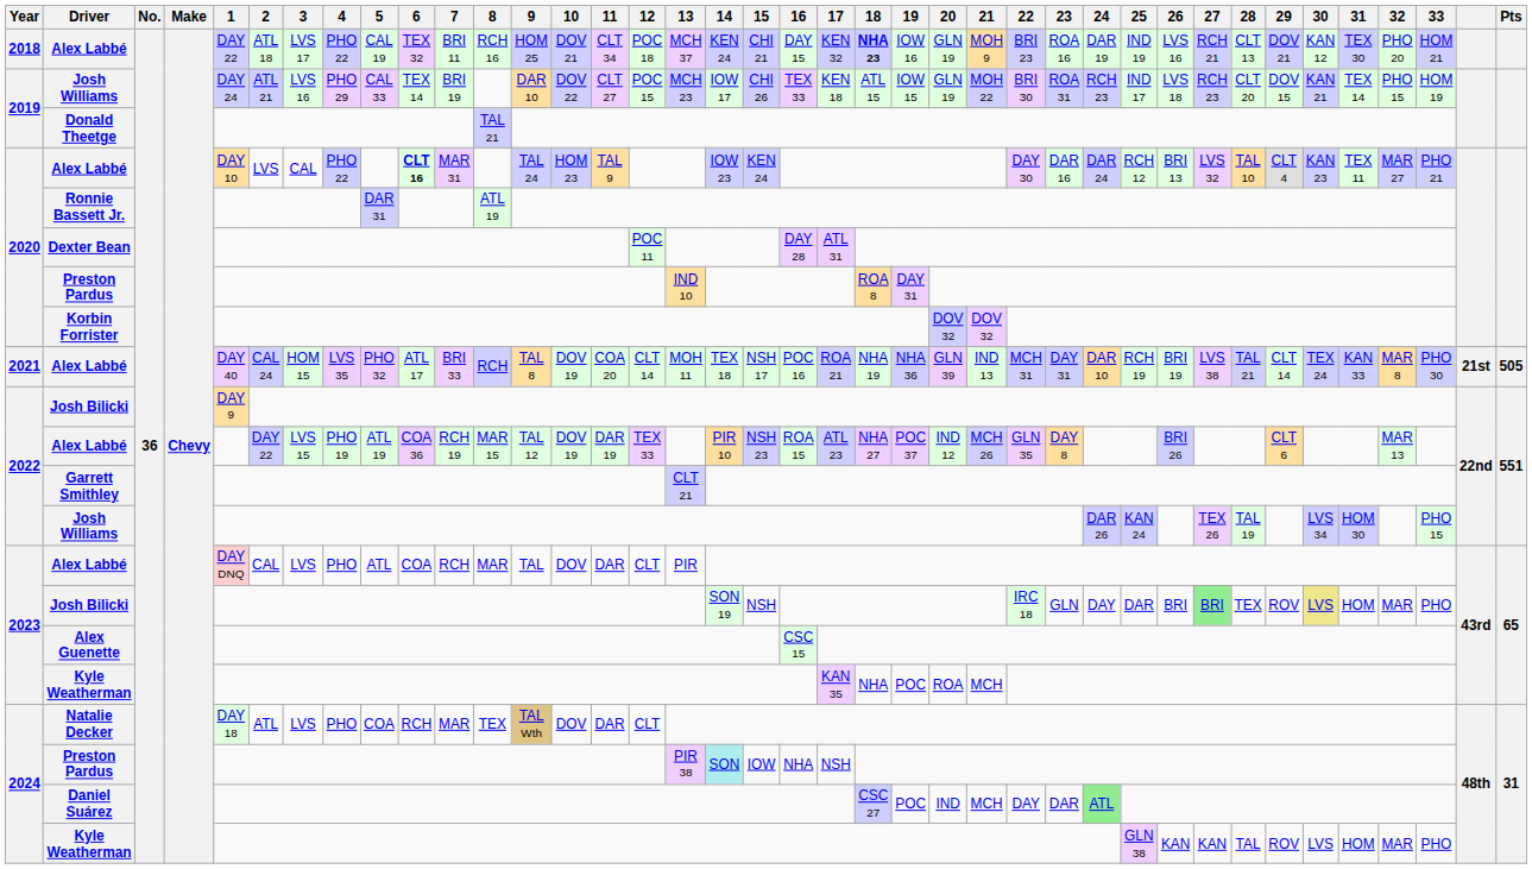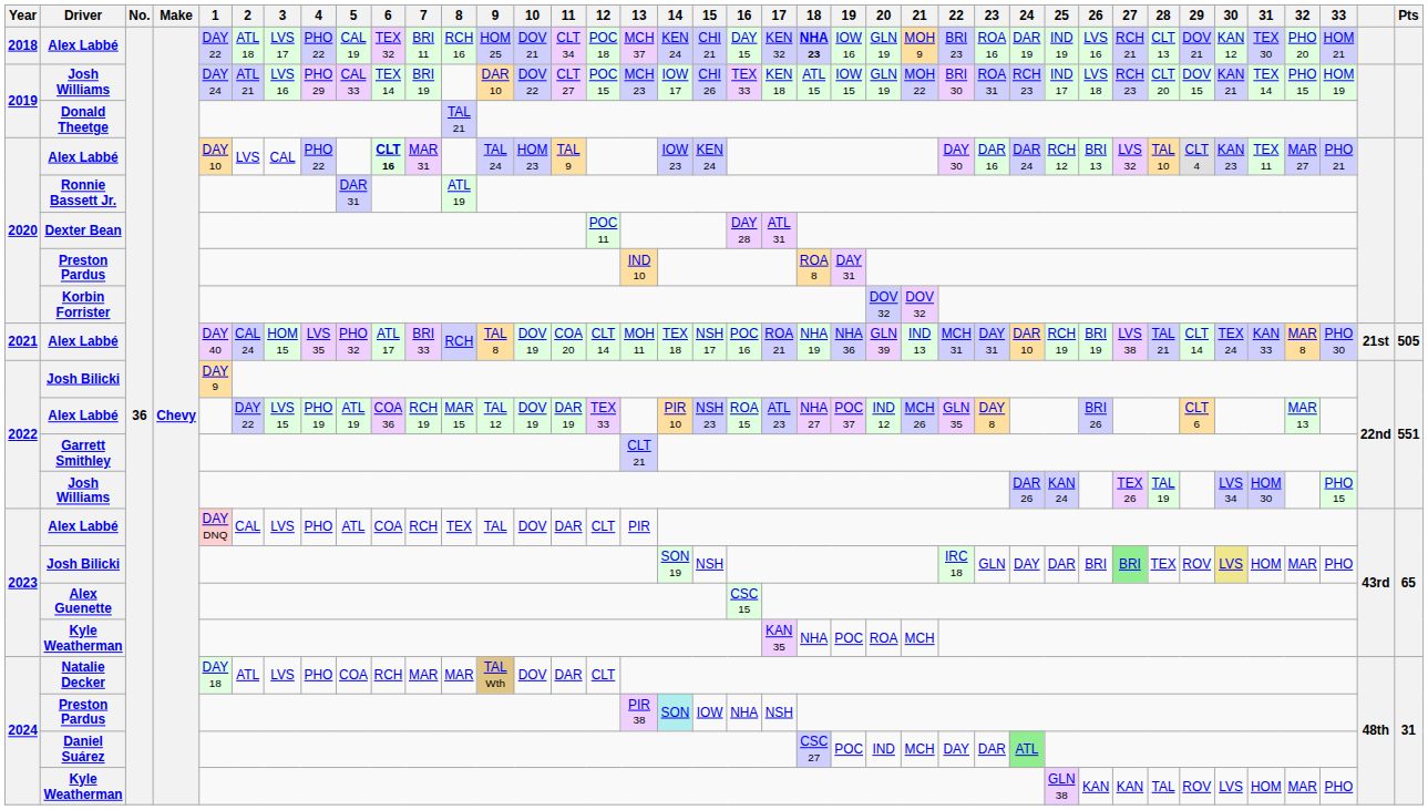 <table class="wikitable" style="text-align:center; font-size:75%">
 <tr>
 <th>Year</th>
 <th>Driver</th>
 <th>No.</th>
 <th>Make</th>
 <th>1</th>
 <th>2</th>
 <th>3</th>
 <th>4</th>
 <th>5</th>
 <th>6</th>
 <th>7</th>
 <th>8</th>
 <th>9</th>
 <th>10</th>
 <th>11</th>
 <th>12</th>
 <th>13</th>
 <th>14</th>
 <th>15</th>
 <th>16</th>
 <th>17</th>
 <th>18</th>
 <th>19</th>
 <th>20</th>
 <th>21</th>
 <th>22</th>
 <th>23</th>
 <th>24</th>
 <th>25</th>
 <th>26</th>
 <th>27</th>
 <th>28</th>
 <th>29</th>
 <th>30</th>
 <th>31</th>
 <th>32</th>
 <th>33</th>
 <th></th>
 <th>Pts</th>
 </tr>
 <tr>
 <th><a href='#'>2018</a></th>
 <th><a href='#'>Alex Labbé</a></th>
 <th rowspan="21">36</th>
 <th rowspan="21"><a href='#'>Chevy</a></th>
 <td style="background:#CFCFFF;"><a href='#'>DAY</a><br><small>22</small></td>
 <td style="background:#DFFFDF;"><a href='#'>ATL</a><br><small>18</small></td>
 <td style="background:#DFFFDF;"><a href='#'>LVS</a><br><small>17</small></td>
 <td style="background:#CFCFFF;"><a href='#'>PHO</a><br><small>22</small></td>
 <td style="background:#DFFFDF;"><a href='#'>CAL</a><br><small>19</small></td>
 <td style="background:#EFCFFF;"><a href='#'>TEX</a><br><small>32</small></td>
 <td style="background:#DFFFDF;"><a href='#'>BRI</a><br><small>11</small></td>
 <td style="background:#DFFFDF;"><a href='#'>RCH</a><br><small>16</small></td>
 <td style="background:#CFCFFF;"><a href='#'>HOM</a><br><small>25</small></td>
 <td style="background:#CFCFFF;"><a href='#'>DOV</a><br><small>21</small></td>
 <td style="background:#EFCFFF;"><a href='#'>CLT</a><br><small>34</small></td>
 <td style="background:#DFFFDF;"><a href='#'>POC</a><br><small>18</small></td>
 <td style="background:#EFCFFF;"><a href='#'>MCH</a><br><small>37</small></td>
 <td style="background:#CFCFFF;"><a href='#'>KEN</a><br><small>24</small></td>
 <td style="background:#CFCFFF;"><a href='#'>CHI</a><br><small>21</small></td>
 <td style="background:#DFFFDF;"><a href='#'>DAY</a><br><small>15</small></td>
 <td style="background:#CFCFFF;"><a href='#'>KEN</a><br><small>32</small></td>
 <td style="background:#CFCFFF;"><strong><a href='#'>NHA</a><br><small>23</small></strong></td>
 <td style="background:#DFFFDF;"><a href='#'>IOW</a><br><small>16</small></td>
 <td style="background:#DFFFDF;"><a href='#'>GLN</a><br><small>19</small></td>
 <td style="background:#FFDF9F;"><a href='#'>MOH</a><br><small>9</small></td>
 <td style="background:#CFCFFF;"><a href='#'>BRI</a><br><small>23</small></td>
 <td style="background:#DFFFDF;"><a href='#'>ROA</a><br><small>16</small></td>
 <td style="background:#DFFFDF;"><a href='#'>DAR</a><br><small>19</small></td>
 <td style="background:#DFFFDF;"><a href='#'>IND</a><br><small>19</small></td>
 <td style="background:#DFFFDF;"><a href='#'>LVS</a><br><small>16</small></td>
 <td style="background:#CFCFFF;"><a href='#'>RCH</a><br><small>21</small></td>
 <td style="background:#DFFFDF;"><a href='#'>CLT</a><br><small>13</small></td>
 <td style="background:#CFCFFF;"><a href='#'>DOV</a><br><small>21</small></td>
 <td style="background:#DFFFDF;"><a href='#'>KAN</a><br><small>12</small></td>
 <td style="background:#CFCFFF;"><a href='#'>TEX</a><br><small>30</small></td>
 <td style="background:#DFFFDF;"><a href='#'>PHO</a><br><small>20</small></td>
 <td style="background:#CFCFFF;"><a href='#'>HOM</a><br><small>21</small></td>
 <th></th>
 <th></th>
 </tr>
 <tr>
 <th rowspan=2><a href='#'>2019</a></th>
 <th><a href='#'>Josh Williams</a></th>
 <td style="background:#CFCFFF;"><a href='#'>DAY</a><br><small>24</small></td>
 <td style="background:#CFCFFF;"><a href='#'>ATL</a><br><small>21</small></td>
 <td style="background:#DFFFDF;"><a href='#'>LVS</a><br><small>16</small></td>
 <td style="background:#EFCFFF;"><a href='#'>PHO</a><br><small>29</small></td>
 <td style="background:#EFCFFF;"><a href='#'>CAL</a><br><small>33</small></td>
 <td style="background:#DFFFDF;"><a href='#'>TEX</a><br><small>14</small></td>
 <td style="background:#DFFFDF;"><a href='#'>BRI</a><br><small>19</small></td>
 <td></td>
 <td style="background:#FFDF9F;"><a href='#'>DAR</a><br><small>10</small></td>
 <td style="background:#CFCFFF;"><a href='#'>DOV</a><br><small>22</small></td>
 <td style="background:#EFCFFF;"><a href='#'>CLT</a><br><small>27</small></td>
 <td style="background:#DFFFDF;"><a href='#'>POC</a><br><small>15</small></td>
 <td style="background:#CFCFFF;"><a href='#'>MCH</a><br><small>23</small></td>
 <td style="background:#DFFFDF;"><a href='#'>IOW</a><br><small>17</small></td>
 <td style="background:#CFCFFF;"><a href='#'>CHI</a><br><small>26</small></td>
 <td style="background:#EFCFFF;"><a href='#'>TEX</a><br><small>33</small></td>
 <td style="background:#DFFFDF;"><a href='#'>KEN</a><br><small>18</small></td>
 <td style="background:#DFFFDF;"><a href='#'>ATL</a><br><small>15</small></td>
 <td style="background:#DFFFDF;"><a href='#'>IOW</a><br><small>15</small></td>
 <td style="background:#DFFFDF;"><a href='#'>GLN</a><br><small>19</small></td>
 <td style="background:#CFCFFF;"><a href='#'>MOH</a><br><small>22</small></td>
 <td style="background:#EFCFFF;"><a href='#'>BRI</a><br><small>30</small></td>
 <td style="background:#CFCFFF;"><a href='#'>ROA</a><br><small>31</small></td>
 <td style="background:#CFCFFF;"><a href='#'>RCH</a><br><small>23</small></td>
 <td style="background:#DFFFDF;"><a href='#'>IND</a><br><small>17</small></td>
 <td style="background:#DFFFDF;"><a href='#'>LVS</a><br><small>18</small></td>
 <td style="background:#CFCFFF;"><a href='#'>RCH</a><br><small>23</small></td>
 <td style="background:#DFFFDF;"><a href='#'>CLT</a><br><small>20</small></td>
 <td style="background:#DFFFDF;"><a href='#'>DOV</a><br><small>15</small></td>
 <td style="background:#CFCFFF;"><a href='#'>KAN</a><br><small>21</small></td>
 <td style="background:#DFFFDF;"><a href='#'>TEX</a><br><small>14</small></td>
 <td style="background:#DFFFDF;"><a href='#'>PHO</a><br><small>15</small></td>
 <td style="background:#DFFFDF;"><a href='#'>HOM</a><br><small>19</small></td>
 <th rowspan=2></th>
 <th rowspan=2></th>
 </tr>
 <tr>
 <th><a href='#'>Donald Theetge</a></th>
 <td colspan=7></td>
 <td style="background:#CFCFFF;"><a href='#'>TAL</a><br><small>21</small></td>
 <td colspan=25></td>
 </tr>
 <tr>
 <th rowspan=5><a href='#'>2020</a></th>
 <th><a href='#'>Alex Labbé</a></th>
 <td style="background:#FFDF9F;"><a href='#'>DAY</a><br><small>10</small></td>
 <td><a href='#'>LVS</a></td>
 <td><a href='#'>CAL</a></td>
 <td style="background:#CFCFFF;"><a href='#'>PHO</a><br><small>22</small></td>
 <td></td>
 <td style="background:#DFFFDF;"><strong><a href='#'>CLT</a><br><small>16</small></strong></td>
 <td style="background:#EFCFFF;"><a href='#'>MAR</a><br><small>31</small></td>
 <td></td>
 <td style="background:#CFCFFF;"><a href='#'>TAL</a><br><small>24</small></td>
 <td style="background:#CFCFFF;"><a href='#'>HOM</a><br><small>23</small></td>
 <td style="background:#FFDF9F;"><a href='#'>TAL</a><br><small>9</small></td>
 <td colspan=2></td>
 <td style="background:#CFCFFF;"><a href='#'>IOW</a><br><small>23</small></td>
 <td style="background:#CFCFFF;"><a href='#'>KEN</a><br><small>24</small></td>
 <td colspan=6></td>
 <td style="background:#EFCFFF;"><a href='#'>DAY</a><br><small>30</small></td>
 <td style="background:#DFFFDF;"><a href='#'>DAR</a><br><small>16</small></td>
 <td style="background:#CFCFFF;"><a href='#'>DAR</a><br><small>24</small></td>
 <td style="background:#DFFFDF;"><a href='#'>RCH</a><br><small>12</small></td>
 <td style="background:#DFFFDF;"><a href='#'>BRI</a><br><small>13</small></td>
 <td style="background:#EFCFFF;"><a href='#'>LVS</a><br><small>32</small></td>
 <td style="background:#FFDF9F;"><a href='#'>TAL</a><br><small>10</small></td>
 <td style="background:#DFDFDF;"><a href='#'>CLT</a><br><small>4</small></td>
 <td style="background:#CFCFFF;"><a href='#'>KAN</a><br><small>23</small></td>
 <td style="background:#DFFFDF;"><a href='#'>TEX</a><br><small>11</small></td>
 <td style="background:#CFCFFF;"><a href='#'>MAR</a><br><small>27</small></td>
 <td style="background:#CFCFFF;"><a href='#'>PHO</a><br><small>21</small></td>
 <th rowspan=5></th>
 <th rowspan=5></th>
 </tr>
 <tr>
 <th><a href='#'>Ronnie Bassett Jr.</a></th>
 <td colspan=4></td>
 <td style="background:#CFCFFF;"><a href='#'>DAR</a><br><small>31</small></td>
 <td colspan=2></td>
 <td style="background:#DFFFDF;"><a href='#'>ATL</a><br><small>19</small></td>
 <td colspan=25></td>
 </tr>
 <tr>
 <th><a href='#'>Dexter Bean</a></th>
 <td colspan=11></td>
 <td style="background:#DFFFDF;"><a href='#'>POC</a><br><small>11</small></td>
 <td colspan=3></td>
 <td style="background:#EFCFFF;"><a href='#'>DAY</a><br><small>28</small></td>
 <td style="background:#EFCFFF;"><a href='#'>ATL</a><br><small>31</small></td>
 <td colspan=16></td>
 </tr>
 <tr>
 <th><a href='#'>Preston Pardus</a></th>
 <td colspan=12></td>
 <td style="background:#FFDF9F;"><a href='#'>IND</a><br><small>10</small></td>
 <td colspan=4></td>
 <td style="background:#FFDF9F;"><a href='#'>ROA</a><br><small>8</small></td>
 <td style="background:#EFCFFF;"><a href='#'>DAY</a><br><small>31</small></td>
 <td colspan=14></td>
 </tr>
 <tr>
 <th><a href='#'>Korbin Forrister</a></th>
 <td colspan=19></td>
 <td style="background:#CFCFFF;"><a href='#'>DOV</a><br><small>32</small></td>
 <td style="background:#EFCFFF;"><a href='#'>DOV</a><br><small>32</small></td>
 <td colspan=12></td>
 </tr>
 <tr>
 <th><a href='#'>2021</a></th>
 <th><a href='#'>Alex Labbé</a></th>
 <td style="background:#EFCFFF;"><a href='#'>DAY</a><br><small>40</small></td>
 <td style="background:#CFCFFF;"><a href='#'>CAL</a><br><small>24</small></td>
 <td style="background:#DFFFDF;"><a href='#'>HOM</a><br><small>15</small></td>
 <td style="background:#EFCFFF;"><a href='#'>LVS</a><br><small>35</small></td>
 <td style="background:#EFCFFF;"><a href='#'>PHO</a><br><small>32</small></td>
 <td style="background:#DFFFDF;"><a href='#'>ATL</a><br><small>17</small></td>
 <td style="background:#EFCFFF;"><a href='#'>BRI</a><br><small>33</small></td>
 <td style="background:#CFCFFF;"><a href='#'>RCH</a><br></td>
 <td style="background:#FFDF9F;"><a href='#'>TAL</a><br><small>8</small></td>
 <td style="background:#DFFFDF;"><a href='#'>DOV</a><br><small>19</small></td>
 <td style="background:#DFFFDF;"><a href='#'>COA</a><br><small>20</small></td>
 <td style="background:#DFFFDF;"><a href='#'>CLT</a><br><small>14</small></td>
 <td style="background:#DFFFDF;"><a href='#'>MOH</a><br><small>11</small></td>
 <td style="background:#DFFFDF;"><a href='#'>TEX</a><br><small>18</small></td>
 <td style="background:#DFFFDF;"><a href='#'>NSH</a><br><small>17</small></td>
 <td style="background:#DFFFDF;"><a href='#'>POC</a><br><small>16</small></td>
 <td style="background:#CFCFFF;"><a href='#'>ROA</a><br><small>21</small></td>
 <td style="background:#DFFFDF;"><a href='#'>NHA</a><br><small>19</small></td>
 <td style="background:#CFCFFF;"><a href='#'>NHA</a><br><small>36</small></td>
 <td style="background:#EFCFFF;"><a href='#'>GLN</a><br><small>39</small></td>
 <td style="background:#DFFFDF;"><a href='#'>IND</a><br><small>13</small></td>
 <td style="background:#CFCFFF;"><a href='#'>MCH</a><br><small>31</small></td>
 <td style="background:#CFCFFF;"><a href='#'>DAY</a><br><small>31</small></td>
 <td style="background:#FFDF9F;"><a href='#'>DAR</a><br><small>10</small></td>
 <td style="background:#DFFFDF;"><a href='#'>RCH</a><br><small>19</small></td>
 <td style="background:#DFFFDF;"><a href='#'>BRI</a><br><small>19</small></td>
 <td style="background:#EFCFFF;"><a href='#'>LVS</a><br><small>38</small></td>
 <td style="background:#CFCFFF;"><a href='#'>TAL</a><br><small>21</small></td>
 <td style="background:#DFFFDF;"><a href='#'>CLT</a><br><small>14</small></td>
 <td style="background:#CFCFFF;"><a href='#'>TEX</a><br><small>24</small></td>
 <td style="background:#CFCFFF;"><a href='#'>KAN</a><br><small>33</small></td>
 <td style="background:#FFDF9F;'"><a href='#'>MAR</a><br><small>8</small></td>
 <td style="background:#CFCFFF;"><a href='#'>PHO</a><br><small>30</small></td>
 <th>21st</th>
 <th>505</th>
 </tr>
 <tr>
 <th rowspan="4"><a href='#'>2022</a></th>
 <th><a href='#'>Josh Bilicki</a></th>
 <td style="background:#FFDF9F;"><a href='#'>DAY</a><br><small>9</small></td>
 <td colspan=32></td>
 <th rowspan="4">22nd</th>
 <th rowspan="4">551</th>
 </tr>
 <tr>
 <th><a href='#'>Alex Labbé</a></th>
 <td></td>
 <td style="background:#CFCFFF;"><a href='#'>DAY</a><br><small>22</small></td>
 <td style="background:#DFFFDF;"><a href='#'>LVS</a><br><small>15</small></td>
 <td style="background:#DFFFDF;"><a href='#'>PHO</a><br><small>19</small></td>
 <td style="background:#DFFFDF;"><a href='#'>ATL</a><br><small>19</small></td>
 <td style="background:#EFCFFF;"><a href='#'>COA</a><br><small>36</small></td>
 <td style="background:#DFFFDF;"><a href='#'>RCH</a><br><small>19</small></td>
 <td style="background:#DFFFDF;"><a href='#'>MAR</a><br><small>15</small></td>
 <td style="background:#DFFFDF;"><a href='#'>TAL</a><br><small>12</small></td>
 <td style="background:#DFFFDF;"><a href='#'>DOV</a><br><small>19</small></td>
 <td style="background:#DFFFDF;"><a href='#'>DAR</a><br><small>19</small></td>
 <td style="background:#EFCFFF;"><a href='#'>TEX</a><br><small>33</small></td>
 <td></td>
 <td style="background:#FFDF9F;"><a href='#'>PIR</a><br><small>10</small></td>
 <td style="background:#CFCFFF;"><a href='#'>NSH</a><br><small>23</small></td>
 <td style="background:#DFFFDF;"><a href='#'>ROA</a><br><small>15</small></td>
 <td style="background:#CFCFFF;"><a href='#'>ATL</a><br><small>23</small></td>
 <td style="background:#EFCFFF;"><a href='#'>NHA</a><br><small>27</small></td>
 <td style="background:#EFCFFF;"><a href='#'>POC</a><br><small>37</small></td>
 <td style="background:#DFFFDF;"><a href='#'>IND</a><br><small>12</small></td>
 <td style="background:#CFCFFF;"><a href='#'>MCH</a><br><small>26</small></td>
 <td style="background:#EFCFFF;"><a href='#'>GLN</a><br><small>35</small></td>
 <td style="background:#FFDF9F;"><a href='#'>DAY</a><br><small>8</small></td>
 <td colspan="2"></td>
 <td style="background:#CFCFFF;"><a href='#'>BRI</a><br><small>26</small></td>
 <td colspan="2"></td>
 <td style="background:#FFDF9F;"><a href='#'>CLT</a><br><small>6</small></td>
 <td colspan="2"></td>
 <td style="background:#DFFFDF;"><a href='#'>MAR</a><br><small>13</small></td>
 <td></td>
 </tr>
 <tr>
 <th><a href='#'>Garrett Smithley</a></th>
 <td colspan=12></td>
 <td style="background:#CFCFFF;"><a href='#'>CLT</a><br><small>21</small></td>
 <td colspan=20></td>
 </tr>
 <tr>
 <th><a href='#'>Josh Williams</a></th>
 <td colspan="23"></td>
 <td style="background:#CFCFFF;"><a href='#'>DAR</a><br><small>26</small></td>
 <td style="background:#CFCFFF;"><a href='#'>KAN</a><br><small>24</small></td>
 <td></td>
 <td style="background:#EFCFFF;"><a href='#'>TEX</a><br><small>26</small></td>
 <td style="background:#DFFFDF;"><a href='#'>TAL</a><br><small>19</small></td>
 <td></td>
 <td style="background:#CFCFFF;"><a href='#'>LVS</a><br><small>34</small></td>
 <td style="background:#CFCFFF;"><a href='#'>HOM</a><br><small>30</small></td>
 <td></td>
 <td style="background:#DFFFDF;"><a href='#'>PHO</a><br><small>15</small></td>
 </tr>
 <tr>
 <th rowspan=4><a href='#'>2023</a></th>
 <th><a href='#'>Alex Labbé</a></th>
 <td style="background:#FFCFCF;"><a href='#'>DAY</a><br><small>DNQ</small></td>
 <td><a href='#'>CAL</a></td>
 <td><a href='#'>LVS</a></td>
 <td><a href='#'>PHO</a></td>
 <td><a href='#'>ATL</a></td>
 <td><a href='#'>COA</a></td>
 <td><a href='#'>RCH</a></td>
-<td><a href='#'>MAR</a></td>
+<td><a href='#'>TEX</a></td>
 <td><a href='#'>TAL</a></td>
 <td><a href='#'>DOV</a></td>
 <td><a href='#'>DAR</a></td>
 <td><a href='#'>CLT</a></td>
 <td><a href='#'>PIR</a></td>
 <td colspan=20></td>
 <th rowspan=4>43rd</th>
 <th rowspan=4>65</th>
 </tr>
 <tr>
 <th><a href='#'>Josh Bilicki</a></th>
 <td colspan=13></td>
 <td style="background:#DFFFDF;"><a href='#'>SON</a><br><small>19</small></td>
 <td><a href='#'>NSH</a></td>
 <td colspan="6"></td>
 <td style="background:#DFFFDF;"><a href='#'>IRC</a><br><small>18</small></td>
 <td><a href='#'>GLN</a></td>
 <td><a href='#'>DAY</a></td>
 <td><a href='#'>DAR</a></td>
 <td><a href='#'>BRI</a></td>
 <td style="background: lightgreen;"><a href='#'>BRI</a></td>
 <td><a href='#'>TEX</a></td>
 <td><a href='#'>ROV</a></td>
 <td style="background: khaki;"><a href='#'>LVS</a></td>
 <td><a href='#'>HOM</a></td>
 <td><a href='#'>MAR</a></td>
 <td><a href='#'>PHO</a></td>
 </tr>
 <tr>
 <th><a href='#'>Alex Guenette</a></th>
 <td colspan=15></td>
 <td style="background:#DFFFDF;"><a href='#'>CSC</a><br><small>15</small></td>
 <td colspan=17></td>
 </tr>
 <tr>
 <th><a href='#'>Kyle Weatherman</a></th>
 <td colspan=16></td>
 <td style="background:#EFCFFF;"><a href='#'>KAN</a><br><small>35</small></td>
 <td><a href='#'>NHA</a></td>
 <td><a href='#'>POC</a></td>
 <td><a href='#'>ROA</a></td>
 <td><a href='#'>MCH</a></td>
 <td colspan="12"></td>
 </tr>
 <tr>
 <th rowspan="4"><a href='#'>2024</a></th>
 <th><a href='#'>Natalie Decker</a></th>
 <td style="background:#DFFFDF;"><a href='#'>DAY</a><br><small>18</small></td>
 <td><a href='#'>ATL</a></td>
 <td><a href='#'>LVS</a></td>
 <td><a href='#'>PHO</a></td>
 <td><a href='#'>COA</a></td>
 <td><a href='#'>RCH</a></td>
 <td><a href='#'>MAR</a></td>
-<td><a href='#'>TEX</a></td>
+<td><a href='#'>MAR</a></td>
 <td style="background:#DFC484;"><a href='#'>TAL</a><br><small>Wth</small></td>
 <td><a href='#'>DOV</a></td>
 <td><a href='#'>DAR</a></td>
 <td><a href='#'>CLT</a></td>
 <td colspan="21"></td>
 <th rowspan="4">48th</th>
 <th rowspan="4">31</th>
 </tr>
 <tr>
 <th><a href='#'>Preston Pardus</a></th>
 <td colspan="12"></td>
 <td style="background:#EFCFFF;"><a href='#'>PIR</a><br><small>38</small></td>
 <td style="background: paleturquoise;"><a href='#'>SON</a></td>
 <td><a href='#'>IOW</a></td>
 <td><a href='#'>NHA</a></td>
 <td><a href='#'>NSH</a></td>
 <td colspan="16"></td>
 </tr>
 <tr>
 <th><a href='#'>Daniel Suárez</a></th>
 <td colspan="17"></td>
 <td style="background:#CFCFFF;"><a href='#'>CSC</a><br><small>27</small></td>
 <td><a href='#'>POC</a></td>
 <td><a href='#'>IND</a></td>
 <td><a href='#'>MCH</a></td>
 <td><a href='#'>DAY</a></td>
 <td><a href='#'>DAR</a></td>
 <td style="background: lightgreen;"><a href='#'>ATL</a></td>
 <td colspan=9></td>
 </tr>
 <tr>
 <th><a href='#'>Kyle Weatherman</a></th>
 <td colspan=24></td>
 <td style="background:#EFCFFF;"><a href='#'>GLN</a><br><small>38</small></td>
 <td><a href='#'>KAN</a></td>
 <td><a href='#'>KAN</a></td>
 <td><a href='#'>TAL</a></td>
 <td><a href='#'>ROV</a></td>
 <td><a href='#'>LVS</a></td>
 <td><a href='#'>HOM</a></td>
 <td><a href='#'>MAR</a></td>
 <td><a href='#'>PHO</a></td>
 </tr>
 </table>
